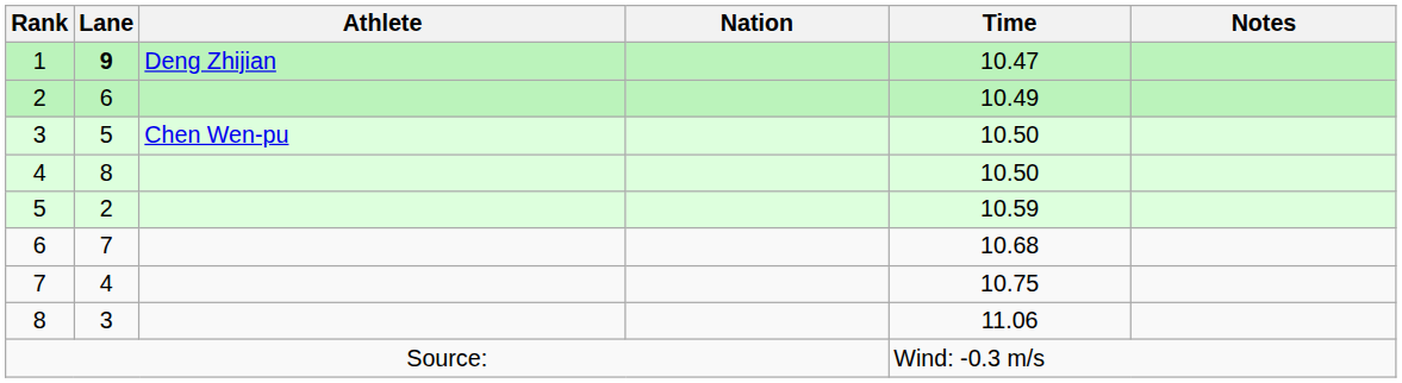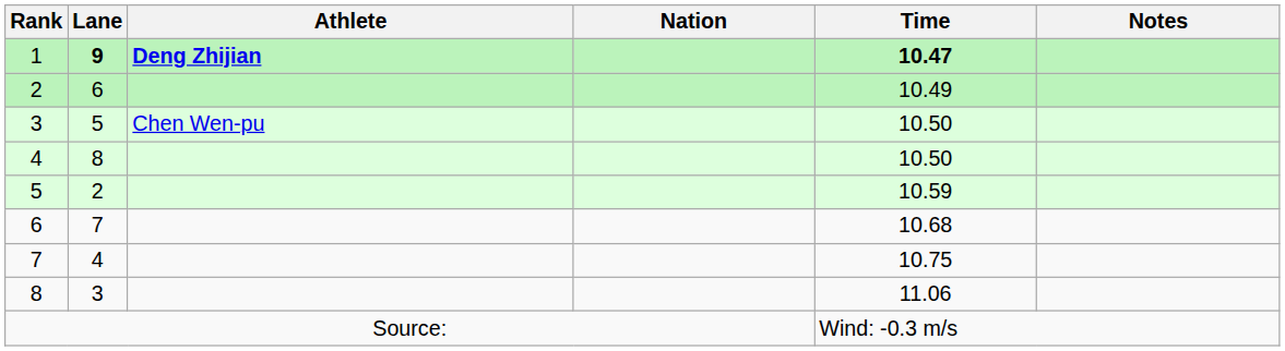 <table class="wikitable sortable" style="text-align:center;width: 60%;">
 <tr>
 <th scope="col" style="width: 10px;">Rank</th>
 <th scope="col" style="width: 10px;">Lane</th>
 <th scope="col">Athlete</th>
 <th scope="col">Nation</th>
 <th scope="col">Time</th>
 <th scope="col">Notes</th>
 </tr>
 <tr bgcolor=bbf3bb>
 <td>1</td>
 <td><strong>9</strong></td>
-<td align=left><a href='#'>Deng Zhijian</a></td>
+<td align=left><strong><a href='#'>Deng Zhijian</a></strong></td>
 <td align=left></td>
-<td>10.47</td>
+<td><strong>10.47</strong></td>
 <td></td>
 </tr>
 <tr bgcolor=bbf3bb>
 <td>2</td>
 <td>6</td>
 <td align=left></td>
 <td align=left></td>
 <td>10.49</td>
 <td></td>
 </tr>
 <tr bgcolor=ddffdd>
 <td>3</td>
 <td>5</td>
 <td align=left><a href='#'>Chen Wen-pu</a></td>
 <td align=left></td>
 <td>10.50</td>
 <td></td>
 </tr>
 <tr bgcolor=ddffdd>
 <td>4</td>
 <td>8</td>
 <td align=left></td>
 <td align=left></td>
 <td>10.50</td>
 <td></td>
 </tr>
 <tr bgcolor=ddffdd>
 <td>5</td>
 <td>2</td>
 <td align=left></td>
 <td align=left></td>
 <td>10.59</td>
 <td></td>
 </tr>
 <tr>
 <td>6</td>
 <td>7</td>
 <td align=left></td>
 <td align=left></td>
 <td>10.68</td>
 <td></td>
 </tr>
 <tr>
 <td>7</td>
 <td>4</td>
 <td align=left></td>
 <td align=left></td>
 <td>10.75</td>
 <td></td>
 </tr>
 <tr>
 <td>8</td>
 <td>3</td>
 <td align=left></td>
 <td align=left></td>
 <td>11.06</td>
 <td></td>
 </tr>
 <tr class="sortbottom">
 <td colspan="4">Source:</td>
 <td colspan="2" style="text-align:left;">Wind: -0.3 m/s</td>
 </tr>
 </table>
